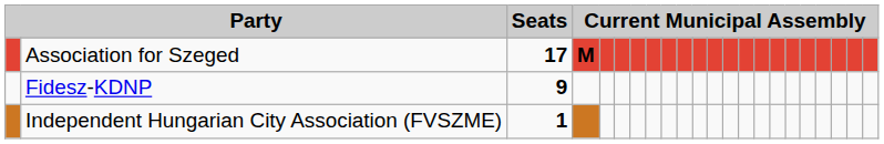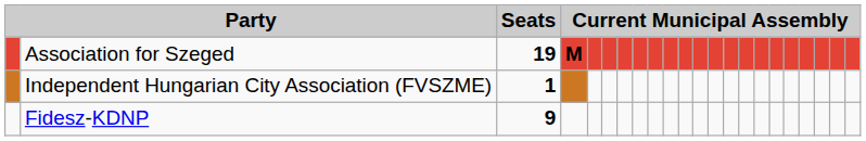 <table class="wikitable">
 <tr>
 <th style="background:#ccc" colspan="2">Party</th>
 <th style="background:#ccc">Seats</th>
 <th style="background:#ccc" colspan="19">Current Municipal Assembly</th>
 </tr>
 <tr>
 <td style="background-color: #E34234"> </td>
 <td>Association for Szeged</td>
-<td style="text-align: right"><strong>17</strong></td>
+<td style="text-align: right"><strong>19</strong></td>
 <td style="background-color: #E34234"><span><strong>M</strong></span></td>
 <td style="background-color: #E34234"> </td>
 <td style="background-color: #E34234"> </td>
 <td style="background-color: #E34234"> </td>
 <td style="background-color: #E34234"> </td>
 <td style="background-color: #E34234"> </td>
 <td style="background-color: #E34234"> </td>
 <td style="background-color: #E34234"> </td>
 <td style="background-color: #E34234"> </td>
 <td style="background-color: #E34234"> </td>
 <td style="background-color: #E34234"> </td>
 <td style="background-color: #E34234"> </td>
 <td style="background-color: #E34234"> </td>
 <td style="background-color: #E34234"> </td>
 <td style="background-color: #E34234"> </td>
 <td style="background-color: #E34234"> </td>
 <td style="background-color: #E34234"> </td>
 <td style="background-color: #E34234"> </td>
 <td style="background-color: #E34234"> </td>
+</tr>
+<tr>
+<td style="background-color: #CC7722"> </td>
+<td>Independent Hungarian City Association (FVSZME)</td>
+<td style="text-align: right"><strong>1</strong></td>
+<td style="background-color: #CC7722"> </td>
+<td> </td>
+<td> </td>
+<td> </td>
+<td> </td>
+<td> </td>
+<td> </td>
+<td> </td>
+<td> </td>
+<td> </td>
+<td> </td>
+<td> </td>
+<td> </td>
+<td> </td>
+<td> </td>
+<td> </td>
+<td> </td>
+<td> </td>
+<td> </td>
 </tr>
 <tr>
 <td style="background-color: "> </td>
 <td><a href='#'>Fidesz</a>-<a href='#'>KDNP</a></td>
 <td style="text-align: right"><strong>9</strong></td>
 <td style="background-color: "> </td>
 <td style="background-color: "> </td>
 <td style="background-color: "> </td>
 <td style="background-color: "> </td>
 <td style="background-color: "> </td>
 <td style="background-color: "> </td>
 <td style="background-color: "> </td>
 <td style="background-color: "> </td>
 <td style="background-color: "> </td>
 <td> </td>
 <td> </td>
 <td> </td>
 <td> </td>
 <td> </td>
 <td> </td>
 <td> </td>
 <td> </td>
 <td> </td>
 <td> </td>
 </tr>
-<tr>
-<td style="background-color: #CC7722"> </td>
-<td>Independent Hungarian City Association (FVSZME)</td>
-<td style="text-align: right"><strong>1</strong></td>
-<td style="background-color: #CC7722"> </td>
-<td> </td>
-<td> </td>
-<td> </td>
-<td> </td>
-<td> </td>
-<td> </td>
-<td> </td>
-<td> </td>
-<td> </td>
-<td> </td>
-<td> </td>
-<td> </td>
-<td> </td>
-<td> </td>
-<td> </td>
-<td> </td>
-<td> </td>
-<td> </td>
-</tr>
 </table>
